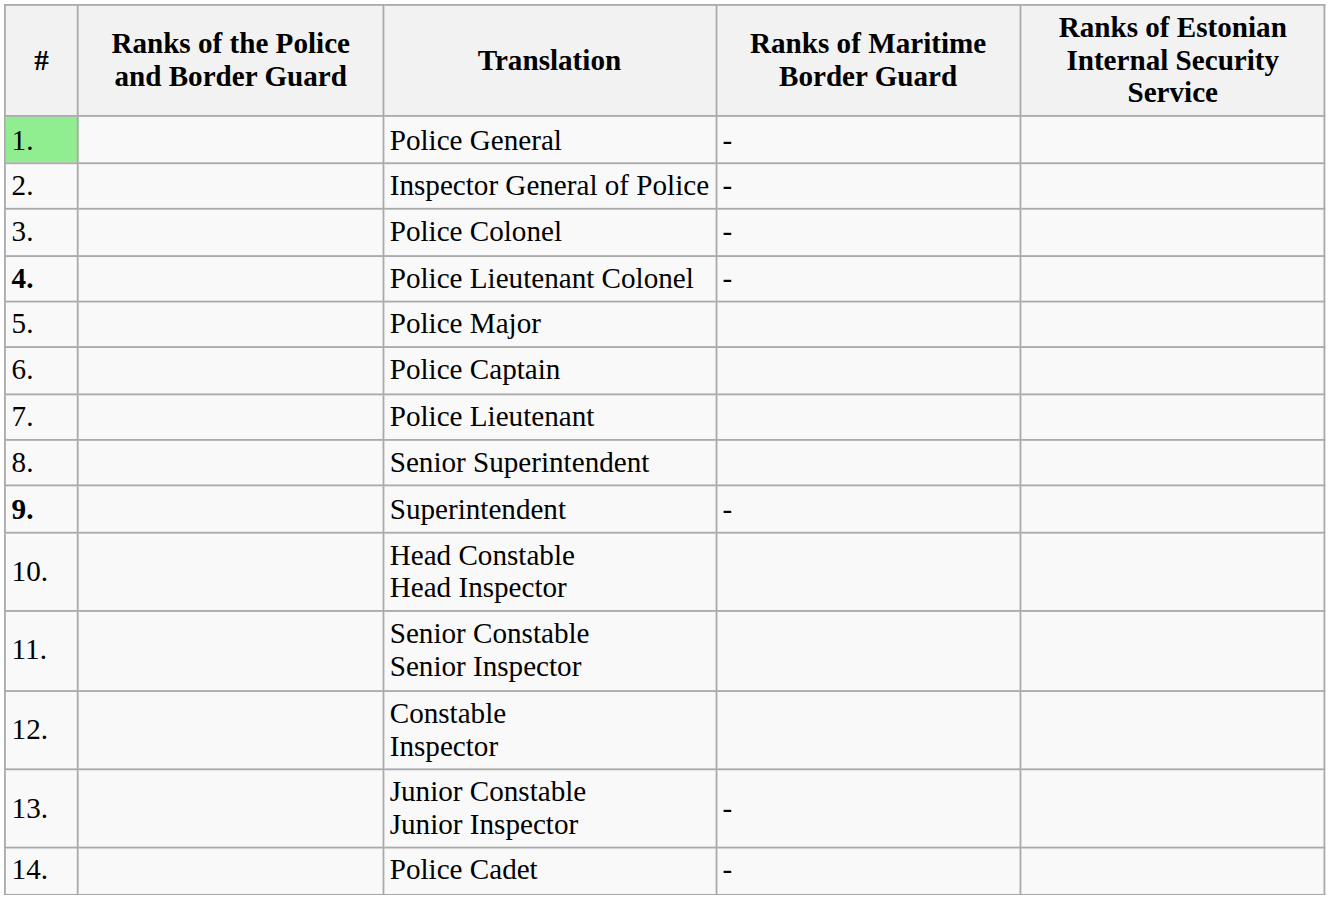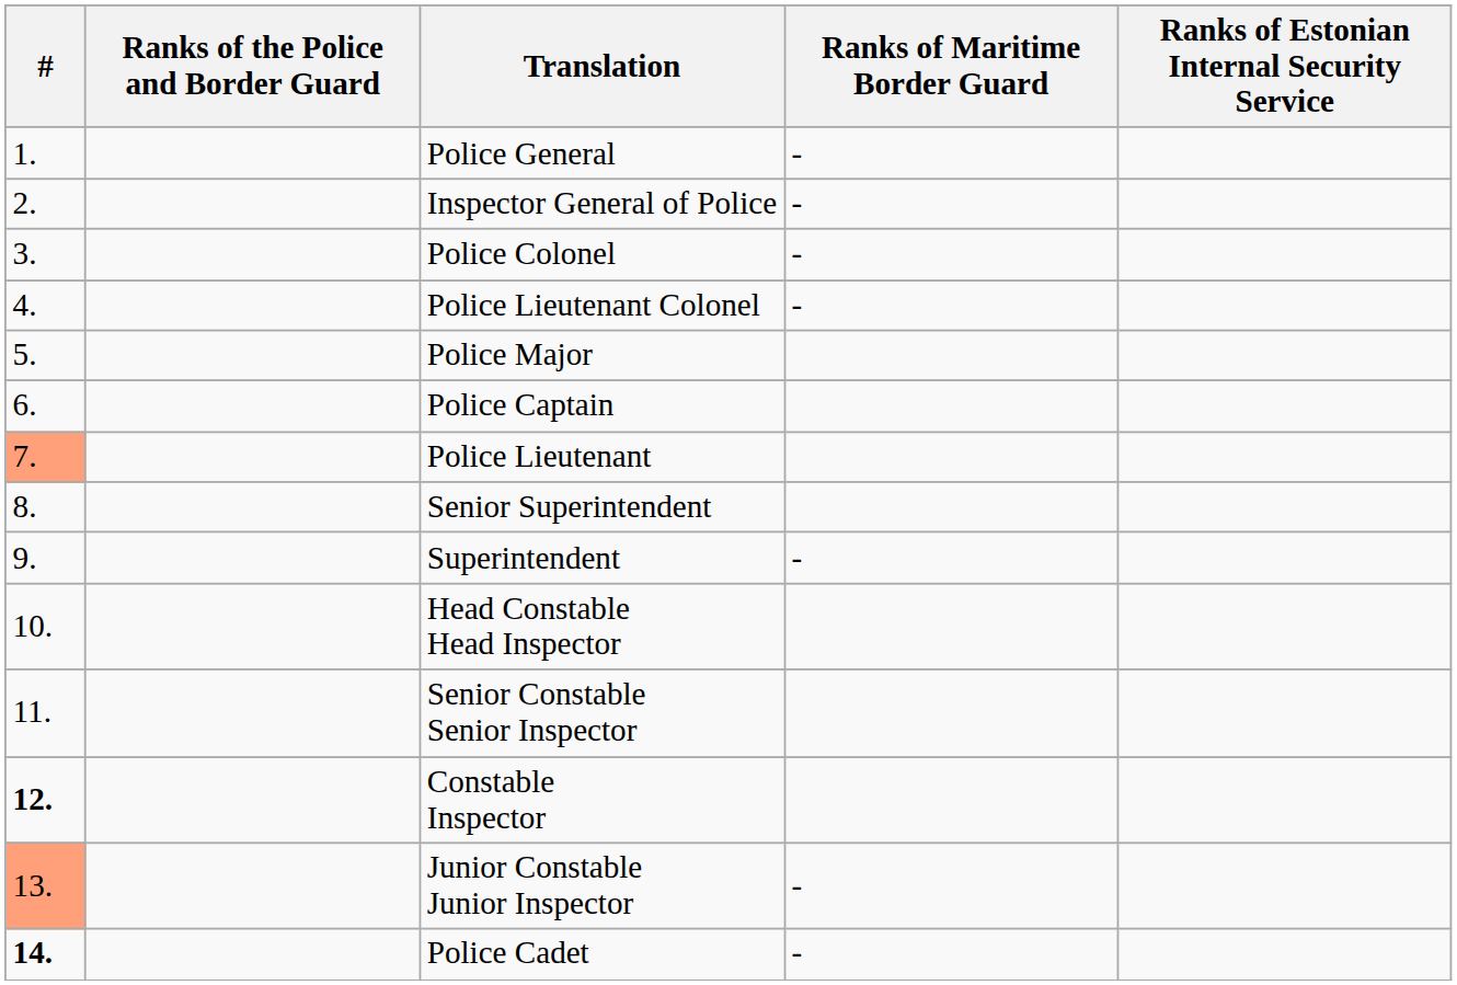 <table class="wikitable">
 <tr>
 <th align="left" width="33">#</th>
 <th align="left" width="160">Ranks of the Police and Border Guard</th>
 <th>Translation</th>
 <th align="left" width="160">Ranks of Maritime Border Guard</th>
 <th align="left" width="160">Ranks of Estonian Internal Security Service</th>
 </tr>
 <tr>
-<td style="background: lightgreen;">1.</td>
+<td>1.</td>
 <td></td>
 <td>Police General</td>
 <td>-</td>
 <td></td>
 </tr>
 <tr>
 <td>2.</td>
 <td></td>
 <td>Inspector General of Police</td>
 <td>-</td>
 <td></td>
 </tr>
 <tr>
 <td>3.</td>
 <td></td>
 <td>Police Colonel</td>
 <td>-</td>
 <td></td>
 </tr>
 <tr>
-<td><strong>4.</strong></td>
+<td>4.</td>
 <td></td>
 <td>Police Lieutenant Colonel</td>
 <td>-</td>
 <td></td>
 </tr>
 <tr>
 <td>5.</td>
 <td></td>
 <td>Police Major</td>
 <td></td>
 <td></td>
 </tr>
 <tr>
 <td>6.</td>
 <td></td>
 <td>Police Captain</td>
 <td></td>
 <td></td>
 </tr>
 <tr>
-<td>7.</td>
+<td style="background: lightsalmon;">7.</td>
 <td></td>
 <td>Police Lieutenant</td>
 <td></td>
 <td></td>
 </tr>
 <tr>
 <td>8.</td>
 <td></td>
 <td>Senior Superintendent</td>
 <td></td>
 <td></td>
 </tr>
 <tr>
-<td><strong>9.</strong></td>
+<td>9.</td>
 <td></td>
 <td>Superintendent</td>
 <td>-</td>
 <td></td>
 </tr>
 <tr>
 <td>10.</td>
 <td></td>
 <td>Head Constable <br> Head Inspector</td>
 <td></td>
 <td></td>
 </tr>
 <tr>
 <td>11.</td>
 <td></td>
 <td>Senior Constable <br> Senior Inspector</td>
 <td></td>
 <td></td>
 </tr>
 <tr>
-<td>12.</td>
+<td><strong>12.</strong></td>
 <td></td>
 <td>Constable <br> Inspector</td>
 <td></td>
 <td></td>
 </tr>
 <tr>
-<td>13.</td>
+<td style="background: lightsalmon;">13.</td>
 <td></td>
 <td>Junior Constable <br> Junior Inspector</td>
 <td>-</td>
 <td></td>
 </tr>
 <tr>
-<td>14.</td>
+<td><strong>14.</strong></td>
 <td></td>
 <td>Police Cadet</td>
 <td>-</td>
 <td></td>
 </tr>
 <tr>
 </tr>
 </table>
